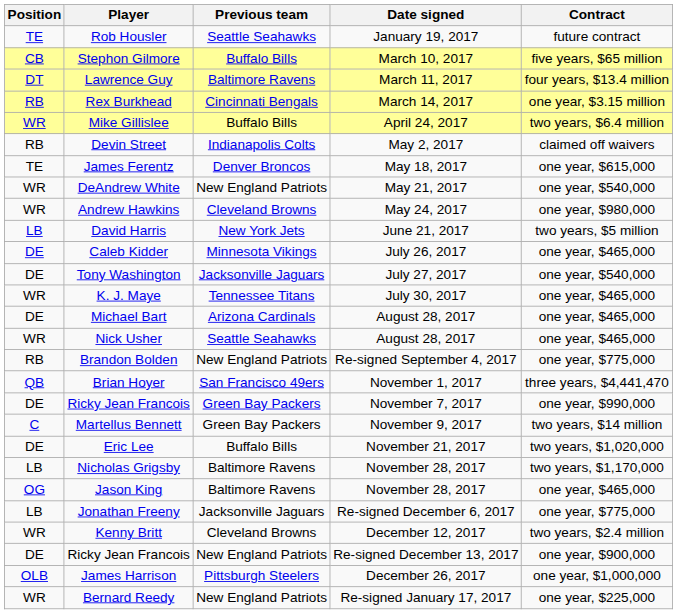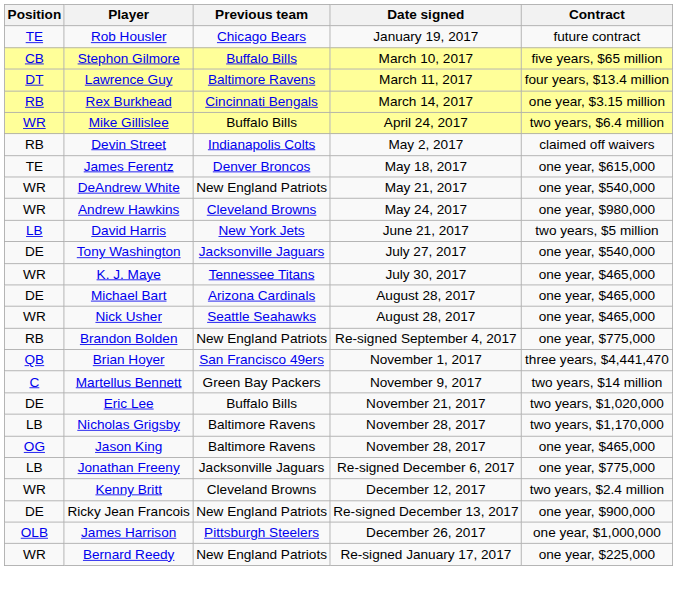 <table class="wikitable" style="text-align:center">
 <tr>
 <th>Position</th>
 <th>Player</th>
 <th>Previous team</th>
 <th>Date signed</th>
 <th>Contract</th>
 </tr>
 <tr>
 <td><a href='#'>TE</a></td>
 <td><a href='#'>Rob Housler</a></td>
-<td><a href='#'>Seattle Seahawks</a></td>
+<td><a href='#'>Chicago Bears</a></td>
 <td>January 19, 2017</td>
 <td>future contract </td>
 </tr>
 <tr style="background:#ff9">
 <td><a href='#'>CB</a></td>
 <td><a href='#'>Stephon Gilmore</a></td>
 <td><a href='#'>Buffalo Bills</a></td>
 <td>March 10, 2017</td>
 <td>five years, $65 million</td>
 </tr>
 <tr style="background:#ff9">
 <td><a href='#'>DT</a></td>
 <td><a href='#'>Lawrence Guy</a></td>
 <td><a href='#'>Baltimore Ravens</a></td>
 <td>March 11, 2017</td>
 <td>four years, $13.4 million</td>
 </tr>
 <tr style="background:#ff9">
 <td><a href='#'>RB</a></td>
 <td><a href='#'>Rex Burkhead</a></td>
 <td><a href='#'>Cincinnati Bengals</a></td>
 <td>March 14, 2017</td>
 <td>one year, $3.15 million</td>
 </tr>
 <tr style="background:#ff9">
 <td><a href='#'>WR</a></td>
 <td><a href='#'>Mike Gillislee</a></td>
 <td>Buffalo Bills</td>
 <td>April 24, 2017</td>
 <td>two years, $6.4 million</td>
 </tr>
 <tr>
 <td>RB</td>
 <td><a href='#'>Devin Street</a></td>
 <td><a href='#'>Indianapolis Colts</a></td>
 <td>May 2, 2017</td>
 <td>claimed off waivers</td>
 </tr>
 <tr>
 <td>TE</td>
 <td><a href='#'>James Ferentz</a></td>
 <td><a href='#'>Denver Broncos</a></td>
 <td>May 18, 2017</td>
 <td>one year, $615,000</td>
 </tr>
 <tr>
 <td>WR</td>
 <td><a href='#'>DeAndrew White</a></td>
 <td>New England Patriots</td>
 <td>May 21, 2017</td>
 <td>one year, $540,000</td>
 </tr>
 <tr>
 <td>WR</td>
 <td><a href='#'>Andrew Hawkins</a></td>
 <td><a href='#'>Cleveland Browns</a></td>
 <td>May 24, 2017</td>
 <td>one year, $980,000</td>
 </tr>
 <tr>
 <td><a href='#'>LB</a></td>
 <td><a href='#'>David Harris</a></td>
 <td><a href='#'>New York Jets</a></td>
 <td>June 21, 2017</td>
 <td>two years, $5 million</td>
 </tr>
 <tr>
-<td><a href='#'>DE</a></td>
-<td><a href='#'>Caleb Kidder</a></td>
-<td><a href='#'>Minnesota Vikings</a></td>
-<td>July 26, 2017</td>
-<td>one year, $465,000</td>
-</tr>
-<tr>
 <td>DE</td>
 <td><a href='#'>Tony Washington</a></td>
 <td><a href='#'>Jacksonville Jaguars</a></td>
 <td>July 27, 2017</td>
 <td>one year, $540,000</td>
 </tr>
 <tr>
 <td>WR</td>
 <td><a href='#'>K. J. Maye</a></td>
 <td><a href='#'>Tennessee Titans</a></td>
 <td>July 30, 2017</td>
 <td>one year, $465,000</td>
 </tr>
 <tr>
 <td>DE</td>
 <td><a href='#'>Michael Bart</a></td>
 <td><a href='#'>Arizona Cardinals</a></td>
 <td>August 28, 2017</td>
 <td>one year, $465,000</td>
 </tr>
 <tr>
 <td>WR</td>
 <td><a href='#'>Nick Usher</a></td>
 <td><a href='#'>Seattle Seahawks</a></td>
 <td>August 28, 2017</td>
 <td>one year, $465,000</td>
 </tr>
 <tr>
 <td>RB</td>
 <td><a href='#'>Brandon Bolden</a></td>
 <td>New England Patriots</td>
 <td>Re-signed September 4, 2017</td>
 <td>one year, $775,000</td>
 </tr>
 <tr>
 <td><a href='#'>QB</a></td>
 <td><a href='#'>Brian Hoyer</a></td>
 <td><a href='#'>San Francisco 49ers</a></td>
 <td>November 1, 2017</td>
 <td>three years, $4,441,470</td>
-</tr>
-<tr>
-<td>DE</td>
-<td><a href='#'>Ricky Jean Francois</a></td>
-<td><a href='#'>Green Bay Packers</a></td>
-<td>November 7, 2017</td>
-<td>one year, $990,000</td>
 </tr>
 <tr>
 <td><a href='#'>C</a></td>
 <td><a href='#'>Martellus Bennett</a></td>
 <td>Green Bay Packers</td>
 <td>November 9, 2017</td>
 <td>two years, $14 million</td>
 </tr>
 <tr>
 <td>DE</td>
 <td><a href='#'>Eric Lee</a></td>
 <td>Buffalo Bills</td>
 <td>November 21, 2017</td>
 <td>two years, $1,020,000</td>
 </tr>
 <tr>
 <td>LB</td>
 <td><a href='#'>Nicholas Grigsby</a></td>
 <td>Baltimore Ravens</td>
 <td>November 28, 2017</td>
 <td>two years, $1,170,000</td>
 </tr>
 <tr>
 <td><a href='#'>OG</a></td>
 <td><a href='#'>Jason King</a></td>
 <td>Baltimore Ravens</td>
 <td>November 28, 2017</td>
 <td>one year, $465,000</td>
 </tr>
 <tr>
 <td>LB</td>
 <td><a href='#'>Jonathan Freeny</a></td>
 <td>Jacksonville Jaguars</td>
 <td>Re-signed December 6, 2017</td>
 <td>one year, $775,000</td>
 </tr>
 <tr>
 <td>WR</td>
 <td><a href='#'>Kenny Britt</a></td>
 <td>Cleveland Browns</td>
 <td>December 12, 2017</td>
 <td>two years, $2.4 million</td>
 </tr>
 <tr>
 <td>DE</td>
 <td>Ricky Jean Francois</td>
 <td>New England Patriots</td>
 <td>Re-signed December 13, 2017</td>
 <td>one year, $900,000</td>
 </tr>
 <tr>
 <td><a href='#'>OLB</a></td>
 <td><a href='#'>James Harrison</a></td>
 <td><a href='#'>Pittsburgh Steelers</a></td>
 <td>December 26, 2017</td>
 <td>one year, $1,000,000</td>
 </tr>
 <tr>
 <td>WR</td>
 <td><a href='#'>Bernard Reedy</a></td>
 <td>New England Patriots</td>
 <td>Re-signed January 17, 2017</td>
 <td>one year, $225,000</td>
 </tr>
 </table>
